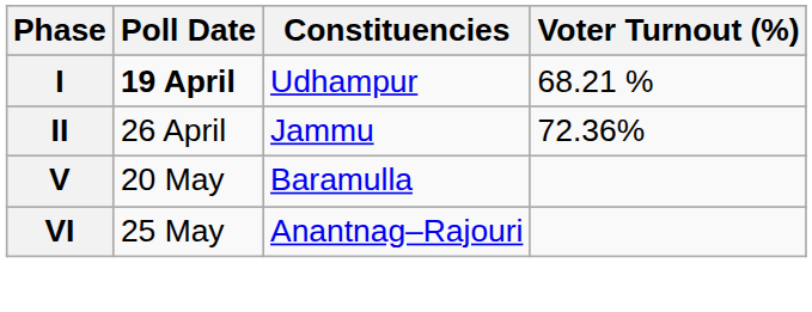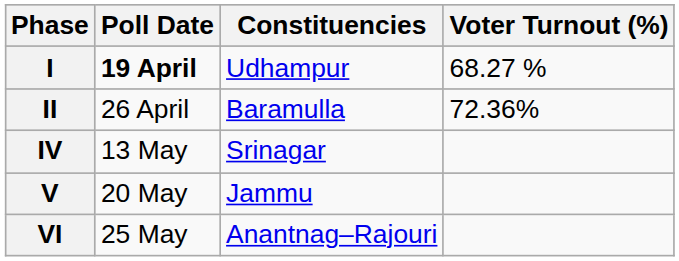 <table class="wikitable" style="margin:auto;;">
 <tr>
 <th>Phase</th>
 <th>Poll Date</th>
 <th>Constituencies</th>
 <th>Voter Turnout (%)</th>
 </tr>
 <tr>
 <th>I</th>
 <td><strong>19 April</strong></td>
 <td><a href='#'>Udhampur</a></td>
-<td>68.21 %</td>
+<td>68.27 %</td>
 </tr>
 <tr>
 <th>II</th>
 <td>26 April</td>
-<td><a href='#'>Jammu</a></td>
+<td><a href='#'>Baramulla</a></td>
 <td>72.36%</td>
+</tr>
+<tr>
+<th>IV</th>
+<td>13 May</td>
+<td><a href='#'>Srinagar</a></td>
+<td></td>
 </tr>
 <tr>
 <th>V</th>
 <td>20 May</td>
-<td><a href='#'>Baramulla</a></td>
+<td><a href='#'>Jammu</a></td>
 <td></td>
 </tr>
 <tr>
 <th>VI</th>
 <td>25 May</td>
 <td><a href='#'>Anantnag–Rajouri</a></td>
 <td></td>
 </tr>
 </table>
